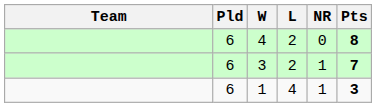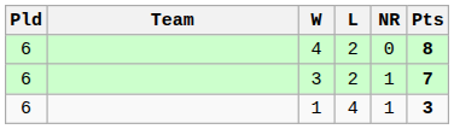 <table class="wikitable" style="text-align:center;">
 <tr>
+<th width=20 abbr="Played">Pld</th>
 <th width=175>Team</th>
-<th width=20 abbr="Played">Pld</th>
 <th width=20 abbr="Won">W</th>
 <th width=20 abbr="Lost">L</th>
 <th width=20 abbr="No result">NR</th>
 <th width=20 abbr="Points">Pts</th>
 </tr>
 <tr style="background:#ccffcc;">
+<td>6</td>
 <td align="left"></td>
-<td>6</td>
 <td>4</td>
 <td>2</td>
 <td>0</td>
 <td><strong>8</strong></td>
 </tr>
 <tr style="background:#ccffcc;">
+<td>6</td>
 <td align="left"></td>
-<td>6</td>
 <td>3</td>
 <td>2</td>
 <td>1</td>
 <td><strong>7</strong></td>
 </tr>
 <tr>
+<td>6</td>
 <td align="left"></td>
-<td>6</td>
 <td>1</td>
 <td>4</td>
 <td>1</td>
 <td><strong>3</strong></td>
 </tr>
 </table>
